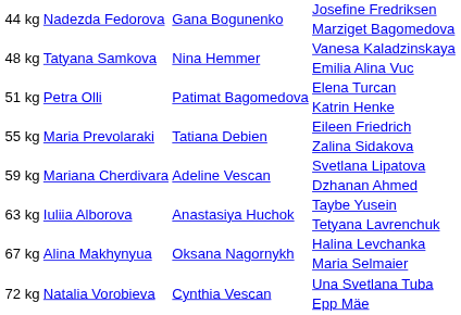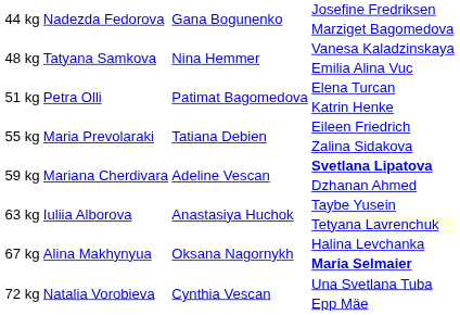 <table>
 <tr>
 <td rowspan=2>44 kg</td>
 <td rowspan=2> <a href='#'>Nadezda Fedorova</a></td>
 <td rowspan=2> <a href='#'>Gana Bogunenko</a></td>
 <td> <a href='#'>Josefine Fredriksen</a></td>
 </tr>
 <tr>
 <td> <a href='#'>Marziget Bagomedova</a></td>
 </tr>
 <tr>
 <td rowspan=2>48 kg</td>
 <td rowspan=2> <a href='#'>Tatyana Samkova</a></td>
 <td rowspan=2> <a href='#'>Nina Hemmer</a></td>
 <td> <a href='#'>Vanesa Kaladzinskaya</a></td>
 </tr>
 <tr>
 <td> <a href='#'>Emilia Alina Vuc</a></td>
 </tr>
 <tr>
 <td rowspan=2>51 kg</td>
 <td rowspan=2> <a href='#'>Petra Olli</a></td>
 <td rowspan=2> <a href='#'>Patimat Bagomedova</a></td>
 <td> <a href='#'>Elena Turcan</a></td>
 </tr>
 <tr>
 <td> <a href='#'>Katrin Henke</a></td>
 </tr>
 <tr>
 <td rowspan=2>55 kg</td>
 <td rowspan=2> <a href='#'>Maria Prevolaraki</a></td>
 <td rowspan=2> <a href='#'>Tatiana Debien</a></td>
 <td> <a href='#'>Eileen Friedrich</a></td>
 </tr>
 <tr>
 <td> <a href='#'>Zalina Sidakova</a></td>
 </tr>
 <tr>
 <td rowspan=2>59 kg</td>
 <td rowspan=2> <a href='#'>Mariana Cherdivara</a></td>
 <td rowspan=2> <a href='#'>Adeline Vescan</a></td>
-<td> <a href='#'>Svetlana Lipatova</a></td>
+<td><strong> <a href='#'>Svetlana Lipatova</a></strong></td>
 </tr>
 <tr>
 <td> <a href='#'>Dzhanan Ahmed</a></td>
 </tr>
 <tr>
 <td rowspan=2>63 kg</td>
 <td rowspan=2> <a href='#'>Iuliia Alborova</a></td>
 <td rowspan=2> <a href='#'>Anastasiya Huchok</a></td>
 <td> <a href='#'>Taybe Yusein</a></td>
 </tr>
 <tr>
-<td> <a href='#'>Tetyana Lavrenchuk</a></td>
+<td style="background: lightyellow;"> <a href='#'>Tetyana Lavrenchuk</a></td>
 </tr>
 <tr>
 <td rowspan=2>67 kg</td>
 <td rowspan=2> <a href='#'>Alina Makhynyua</a></td>
 <td rowspan=2> <a href='#'>Oksana Nagornykh</a></td>
 <td> <a href='#'>Halina Levchanka</a></td>
 </tr>
 <tr>
-<td> <a href='#'>Maria Selmaier</a></td>
+<td><strong> <a href='#'>Maria Selmaier</a></strong></td>
 </tr>
 <tr>
 <td rowspan=2>72 kg</td>
 <td rowspan=2> <a href='#'>Natalia Vorobieva</a></td>
 <td rowspan=2> <a href='#'>Cynthia Vescan</a></td>
 <td> <a href='#'>Una Svetlana Tuba</a></td>
 </tr>
 <tr>
 <td> <a href='#'>Epp Mäe</a></td>
 </tr>
 </table>
